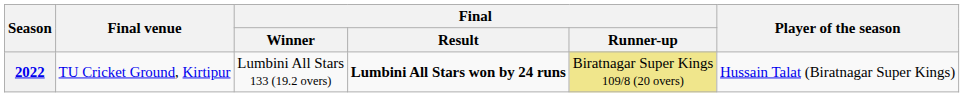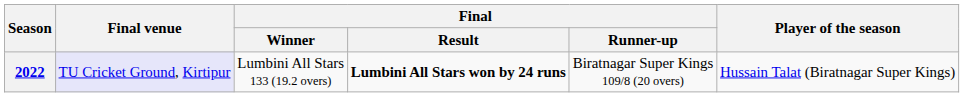 <table class="wikitable" style="text-align: center;">
 <tr>
 <th rowspan="2">Season</th>
 <th rowspan="2">Final venue</th>
 <th colspan="3">Final</th>
 <th rowspan="2">Player of the season</th>
 </tr>
 <tr>
 <th>Winner</th>
 <th>Result</th>
 <th>Runner-up</th>
 </tr>
 <tr>
 <th><a href='#'>2022</a></th>
-<td><a href='#'>TU Cricket Ground</a>, <a href='#'>Kirtipur</a></td>
+<td style="background: lavender;"><a href='#'>TU Cricket Ground</a>, <a href='#'>Kirtipur</a></td>
 <td>Lumbini All Stars<br><small>133 (19.2 overs)</small></td>
 <td><strong>Lumbini All Stars won by 24 runs</strong><br></td>
-<td style="background: khaki;">Biratnagar Super Kings<br><small>109/8 (20 overs)</small></td>
+<td>Biratnagar Super Kings<br><small>109/8 (20 overs)</small></td>
 <td><a href='#'>Hussain Talat</a> (Biratnagar Super Kings)</td>
 </tr>
 </table>
